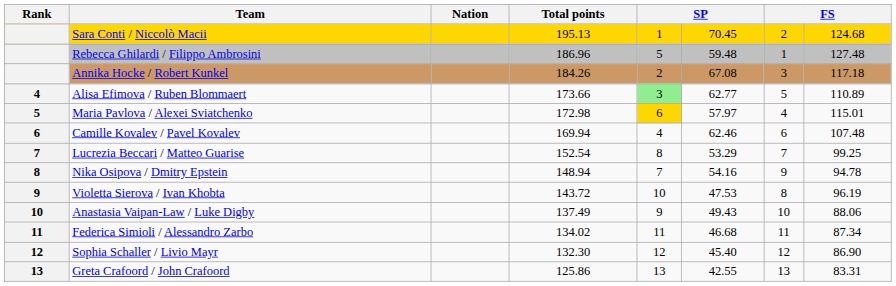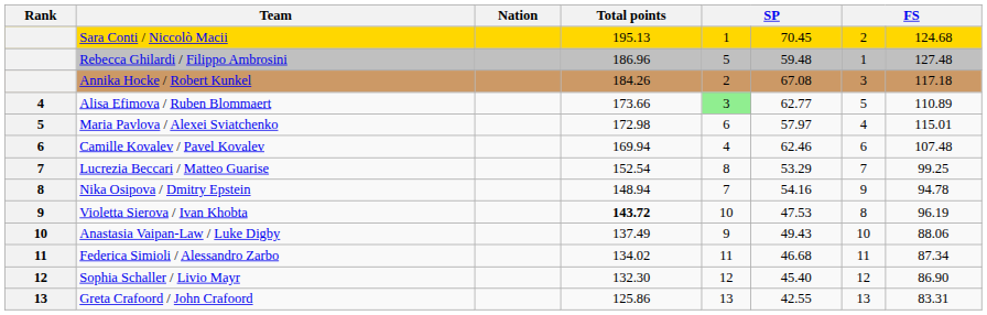 <table class="wikitable sortable" style="text-align:left; width:90%">
 <tr>
 <th scope="col">Rank</th>
 <th scope="col">Team</th>
 <th scope="col">Nation</th>
 <th scope="col">Total points</th>
 <th colspan="2" scope="col" width="80px"><a href='#'>SP</a></th>
 <th colspan="2" scope="col" width="80px"><a href='#'>FS</a></th>
 </tr>
 <tr bgcolor="gold">
 <th scope="row"></th>
 <td><a href='#'>Sara Conti</a> / <a href='#'>Niccolò Macii</a></td>
 <td></td>
 <td align="center">195.13</td>
 <td align="center">1</td>
 <td align="center">70.45</td>
 <td align="center">2</td>
 <td align="center">124.68</td>
 </tr>
 <tr bgcolor="silver">
 <th scope="row"></th>
 <td><a href='#'>Rebecca Ghilardi</a> / <a href='#'>Filippo Ambrosini</a></td>
 <td></td>
 <td align="center">186.96</td>
 <td align="center">5</td>
 <td align="center">59.48</td>
 <td align="center">1</td>
 <td align="center">127.48</td>
 </tr>
 <tr bgcolor="#cc9966">
 <th scope="row"></th>
 <td><a href='#'>Annika Hocke</a> / <a href='#'>Robert Kunkel</a></td>
 <td></td>
 <td align="center">184.26</td>
 <td align="center">2</td>
 <td align="center">67.08</td>
 <td align="center">3</td>
 <td align="center">117.18</td>
 </tr>
 <tr>
 <th scope="row">4</th>
 <td><a href='#'>Alisa Efimova</a> / <a href='#'>Ruben Blommaert</a></td>
 <td></td>
 <td align="center">173.66</td>
 <td align="center" style="background: lightgreen;">3</td>
 <td align="center">62.77</td>
 <td align="center">5</td>
 <td align="center">110.89</td>
 </tr>
 <tr>
 <th scope="row">5</th>
 <td><a href='#'>Maria Pavlova</a> / <a href='#'>Alexei Sviatchenko</a></td>
 <td></td>
 <td align="center">172.98</td>
-<td align="center" style="background: gold;">6</td>
+<td align="center">6</td>
 <td align="center">57.97</td>
 <td align="center">4</td>
 <td align="center">115.01</td>
 </tr>
 <tr>
 <th scope="row">6</th>
 <td><a href='#'>Camille Kovalev</a> / <a href='#'>Pavel Kovalev</a></td>
 <td></td>
 <td align="center">169.94</td>
 <td align="center">4</td>
 <td align="center">62.46</td>
 <td align="center">6</td>
 <td align="center">107.48</td>
 </tr>
 <tr>
 <th scope="row">7</th>
 <td><a href='#'>Lucrezia Beccari</a> / <a href='#'>Matteo Guarise</a></td>
 <td></td>
 <td align="center">152.54</td>
 <td align="center">8</td>
 <td align="center">53.29</td>
 <td align="center">7</td>
 <td align="center">99.25</td>
 </tr>
 <tr>
 <th scope="row">8</th>
 <td><a href='#'>Nika Osipova</a> / <a href='#'>Dmitry Epstein</a></td>
 <td></td>
 <td align="center">148.94</td>
 <td align="center">7</td>
 <td align="center">54.16</td>
 <td align="center">9</td>
 <td align="center">94.78</td>
 </tr>
 <tr>
 <th scope="row">9</th>
 <td><a href='#'>Violetta Sierova</a> / <a href='#'>Ivan Khobta</a></td>
 <td></td>
-<td align="center">143.72</td>
+<td align="center"><strong>143.72</strong></td>
 <td align="center">10</td>
 <td align="center">47.53</td>
 <td align="center">8</td>
 <td align="center">96.19</td>
 </tr>
 <tr>
 <th scope="row">10</th>
 <td><a href='#'>Anastasia Vaipan-Law</a> / <a href='#'>Luke Digby</a></td>
 <td></td>
 <td align="center">137.49</td>
 <td align="center">9</td>
 <td align="center">49.43</td>
 <td align="center">10</td>
 <td align="center">88.06</td>
 </tr>
 <tr>
 <th scope="row">11</th>
 <td><a href='#'>Federica Simioli</a> / <a href='#'>Alessandro Zarbo</a></td>
 <td></td>
 <td align="center">134.02</td>
 <td align="center">11</td>
 <td align="center">46.68</td>
 <td align="center">11</td>
 <td align="center">87.34</td>
 </tr>
 <tr>
 <th scope="row">12</th>
 <td><a href='#'>Sophia Schaller</a> / <a href='#'>Livio Mayr</a></td>
 <td></td>
 <td align="center">132.30</td>
 <td align="center">12</td>
 <td align="center">45.40</td>
 <td align="center">12</td>
 <td align="center">86.90</td>
 </tr>
 <tr>
 <th scope="row">13</th>
 <td><a href='#'>Greta Crafoord</a> / <a href='#'>John Crafoord</a></td>
 <td></td>
 <td align="center">125.86</td>
 <td align="center">13</td>
 <td align="center">42.55</td>
 <td align="center">13</td>
 <td align="center">83.31</td>
 </tr>
 </table>
